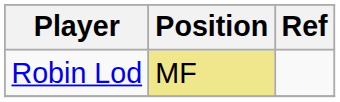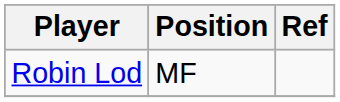 <table class=wikitable>
 <tr>
 <th>Player</th>
 <th>Position</th>
 <th>Ref</th>
 </tr>
 <tr>
 <td> <a href='#'>Robin Lod</a></td>
-<td style="background: khaki;">MF</td>
+<td>MF</td>
 <td></td>
 </tr>
 <tr>
 </tr>
 </table>
